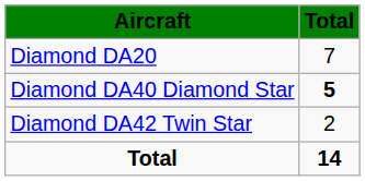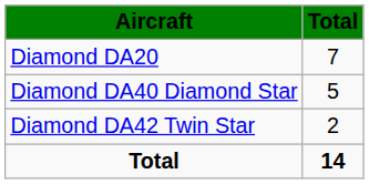 <table class="wikitable" style="margin:1em auto;">
 <tr>
 <th style="background-color:green;">Aircraft</th>
 <th style="background-color:green;">Total</th>
 </tr>
 <tr>
 <td><a href='#'>Diamond DA20</a></td>
 <td align=center>7</td>
 </tr>
 <tr>
 <td><a href='#'>Diamond DA40 Diamond Star</a></td>
-<td align=center><strong>5</strong></td>
+<td align=center>5</td>
 </tr>
 <tr>
 <td><a href='#'>Diamond DA42 Twin Star</a></td>
 <td align=center>2</td>
 </tr>
 <tr>
 <td align=center><strong>Total</strong></td>
 <td align=center><strong>14</strong></td>
 </tr>
 </table>
